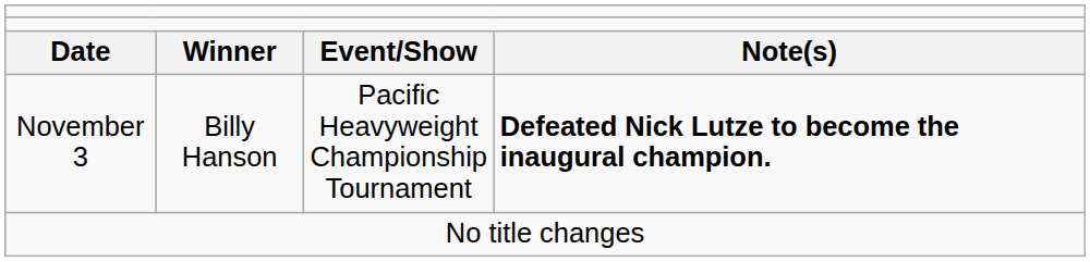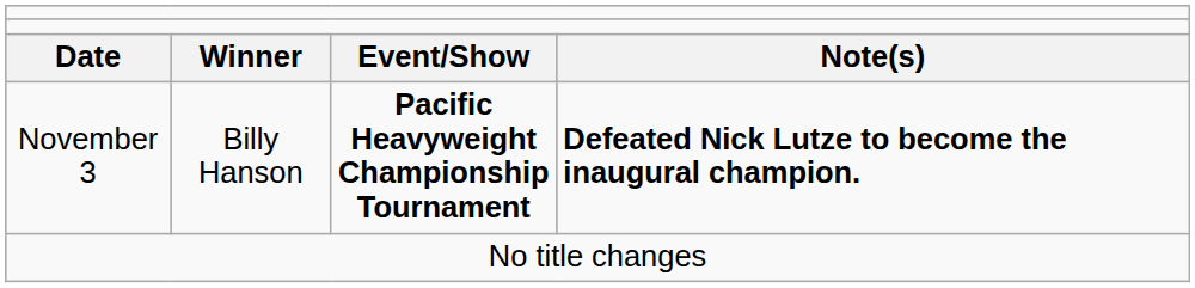 <table class="wikitable" style="text-align:center; width:100%;">
 <tr>
 <td colspan=5></td>
 </tr>
 <tr>
 <td colspan="5"><strong></strong></td>
 </tr>
 <tr>
 <th width=14%>Date</th>
 <th width=14%>Winner</th>
 <th width=14%>Event/Show</th>
 <th width=58%>Note(s)</th>
 </tr>
 <tr>
 <td>November 3</td>
 <td>Billy Hanson</td>
-<td>Pacific Heavyweight Championship Tournament</td>
+<td><strong>Pacific Heavyweight Championship Tournament</strong></td>
 <td align=left><strong>Defeated Nick Lutze to become the inaugural champion.</strong></td>
 </tr>
 <tr>
 <td colspan="5">No title changes</td>
 </tr>
 </table>
